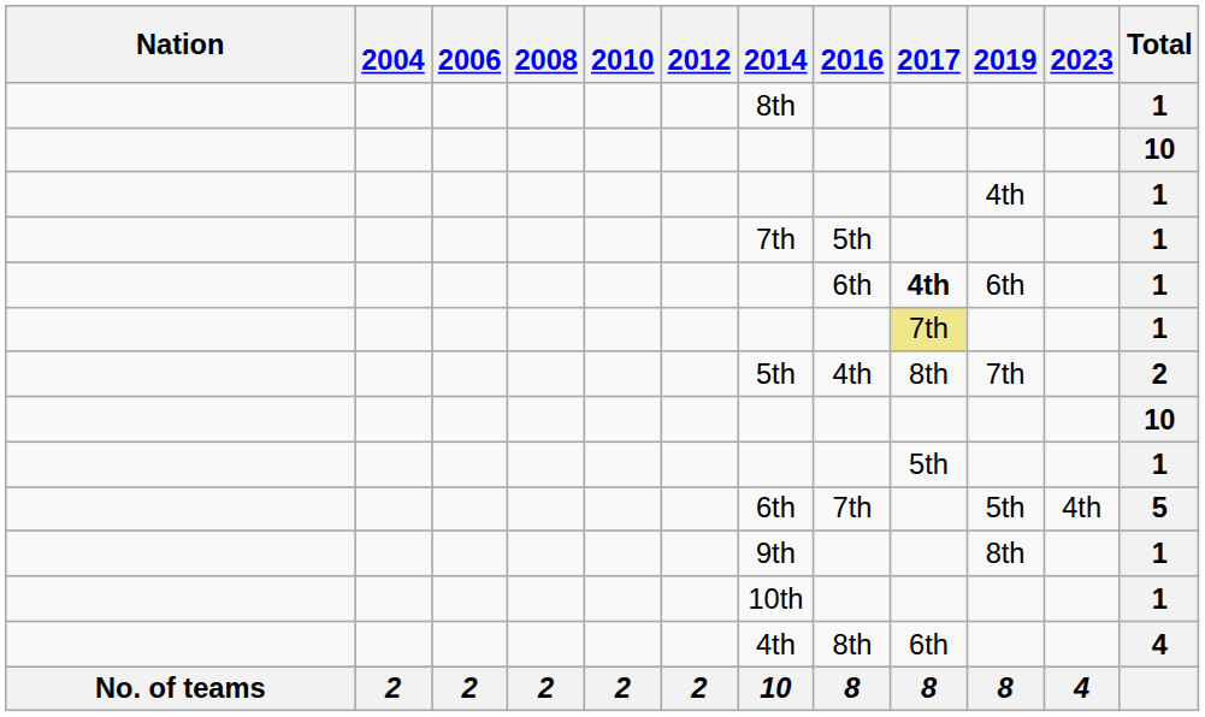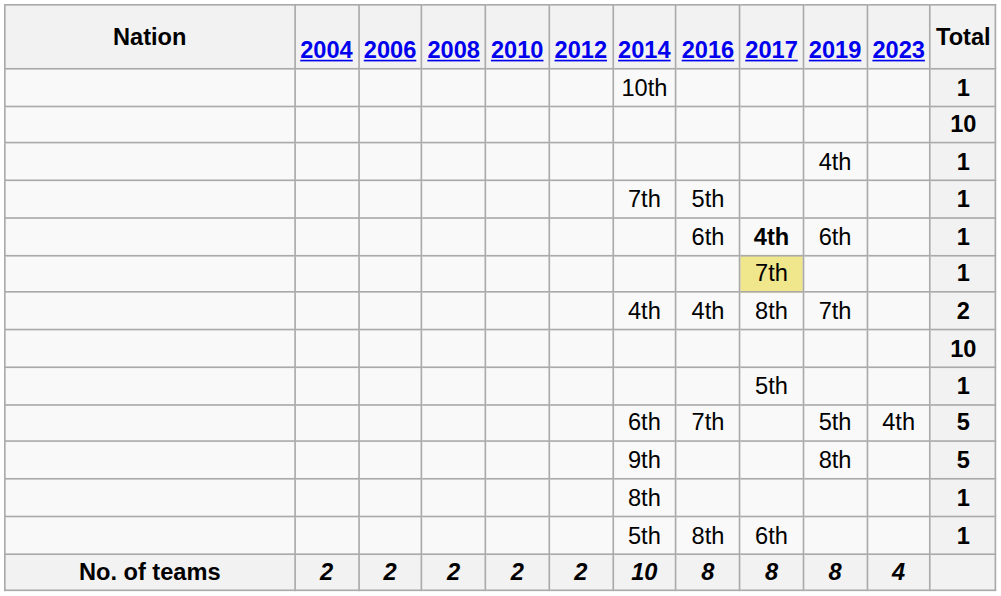 <table class="wikitable" style="text-align:center; font-size:90%">
 <tr>
 <th width=170>Nation</th>
 <th><br><a href='#'>2004</a></th>
 <th><br><a href='#'>2006</a></th>
 <th><br><a href='#'>2008</a></th>
 <th><br><a href='#'>2010</a></th>
 <th><br><a href='#'>2012</a></th>
 <th><br><a href='#'>2014</a></th>
 <th><br><a href='#'>2016</a></th>
 <th><br><a href='#'>2017</a></th>
 <th><br><a href='#'>2019</a></th>
 <th><br><a href='#'>2023</a></th>
 <th>Total</th>
 </tr>
 <tr>
 <td align=left></td>
 <td></td>
 <td></td>
 <td></td>
 <td></td>
 <td></td>
-<td>8th</td>
+<td>10th</td>
 <td></td>
 <td></td>
 <td></td>
 <td></td>
 <th>1</th>
 </tr>
 <tr>
 <td align=left></td>
 <td></td>
 <td></td>
 <td></td>
 <td></td>
 <td></td>
 <td></td>
 <td></td>
 <td></td>
 <td></td>
 <td></td>
 <th>10</th>
 </tr>
 <tr>
 <td align=left></td>
 <td></td>
 <td></td>
 <td></td>
 <td></td>
 <td></td>
 <td></td>
 <td></td>
 <td></td>
 <td>4th</td>
 <td></td>
 <th>1</th>
 </tr>
 <tr>
 <td align=left></td>
 <td></td>
 <td></td>
 <td></td>
 <td></td>
 <td></td>
 <td>7th</td>
 <td>5th</td>
 <td></td>
 <td></td>
 <td></td>
 <th>1</th>
 </tr>
 <tr>
 <td align=left></td>
 <td></td>
 <td></td>
 <td></td>
 <td></td>
 <td></td>
 <td></td>
 <td>6th</td>
 <td><strong>4th</strong></td>
 <td>6th</td>
 <td></td>
 <th>1</th>
 </tr>
 <tr>
 <td align=left></td>
 <td></td>
 <td></td>
 <td></td>
 <td></td>
 <td></td>
 <td></td>
 <td></td>
 <td style="background: khaki;">7th</td>
 <td></td>
 <td></td>
 <th>1</th>
 </tr>
 <tr>
 <td align=left></td>
 <td></td>
 <td></td>
 <td></td>
 <td></td>
 <td></td>
-<td>5th</td>
+<td>4th</td>
 <td>4th</td>
 <td>8th</td>
 <td>7th</td>
 <td></td>
 <th>2</th>
 </tr>
 <tr>
 <td align=left></td>
 <td></td>
 <td></td>
 <td></td>
 <td></td>
 <td></td>
 <td></td>
 <td></td>
 <td></td>
 <td></td>
 <td></td>
 <th>10</th>
 </tr>
 <tr>
 <td align=left></td>
 <td></td>
 <td></td>
 <td></td>
 <td></td>
 <td></td>
 <td></td>
 <td></td>
 <td>5th</td>
 <td></td>
 <td></td>
 <th>1</th>
 </tr>
 <tr>
 <td align=left></td>
 <td></td>
 <td></td>
 <td></td>
 <td></td>
 <td></td>
 <td>6th</td>
 <td>7th</td>
 <td></td>
 <td>5th</td>
 <td>4th</td>
 <th>5</th>
 </tr>
 <tr>
 <td align=left></td>
 <td></td>
 <td></td>
 <td></td>
 <td></td>
 <td></td>
 <td>9th</td>
 <td></td>
 <td></td>
 <td>8th</td>
 <td></td>
-<th>1</th>
+<th>5</th>
 </tr>
 <tr>
 <td align=left></td>
 <td></td>
 <td></td>
 <td></td>
 <td></td>
 <td></td>
-<td>10th</td>
+<td>8th</td>
 <td></td>
 <td></td>
 <td></td>
 <td></td>
 <th>1</th>
 </tr>
 <tr>
 <td align=left></td>
 <td></td>
 <td></td>
 <td></td>
 <td></td>
 <td></td>
-<td>4th</td>
+<td>5th</td>
 <td>8th</td>
 <td>6th</td>
 <td></td>
 <td></td>
-<th>4</th>
+<th>1</th>
 </tr>
 <tr>
 <th>No. of teams</th>
 <th><em>2</em></th>
 <th><em>2</em></th>
 <th><em>2</em></th>
 <th><em>2</em></th>
 <th><em>2</em></th>
 <th><em>10</em></th>
 <th><em>8</em></th>
 <th><em>8</em></th>
 <th><em>8</em></th>
 <th><em>4</em></th>
 <th></th>
 </tr>
 </table>
